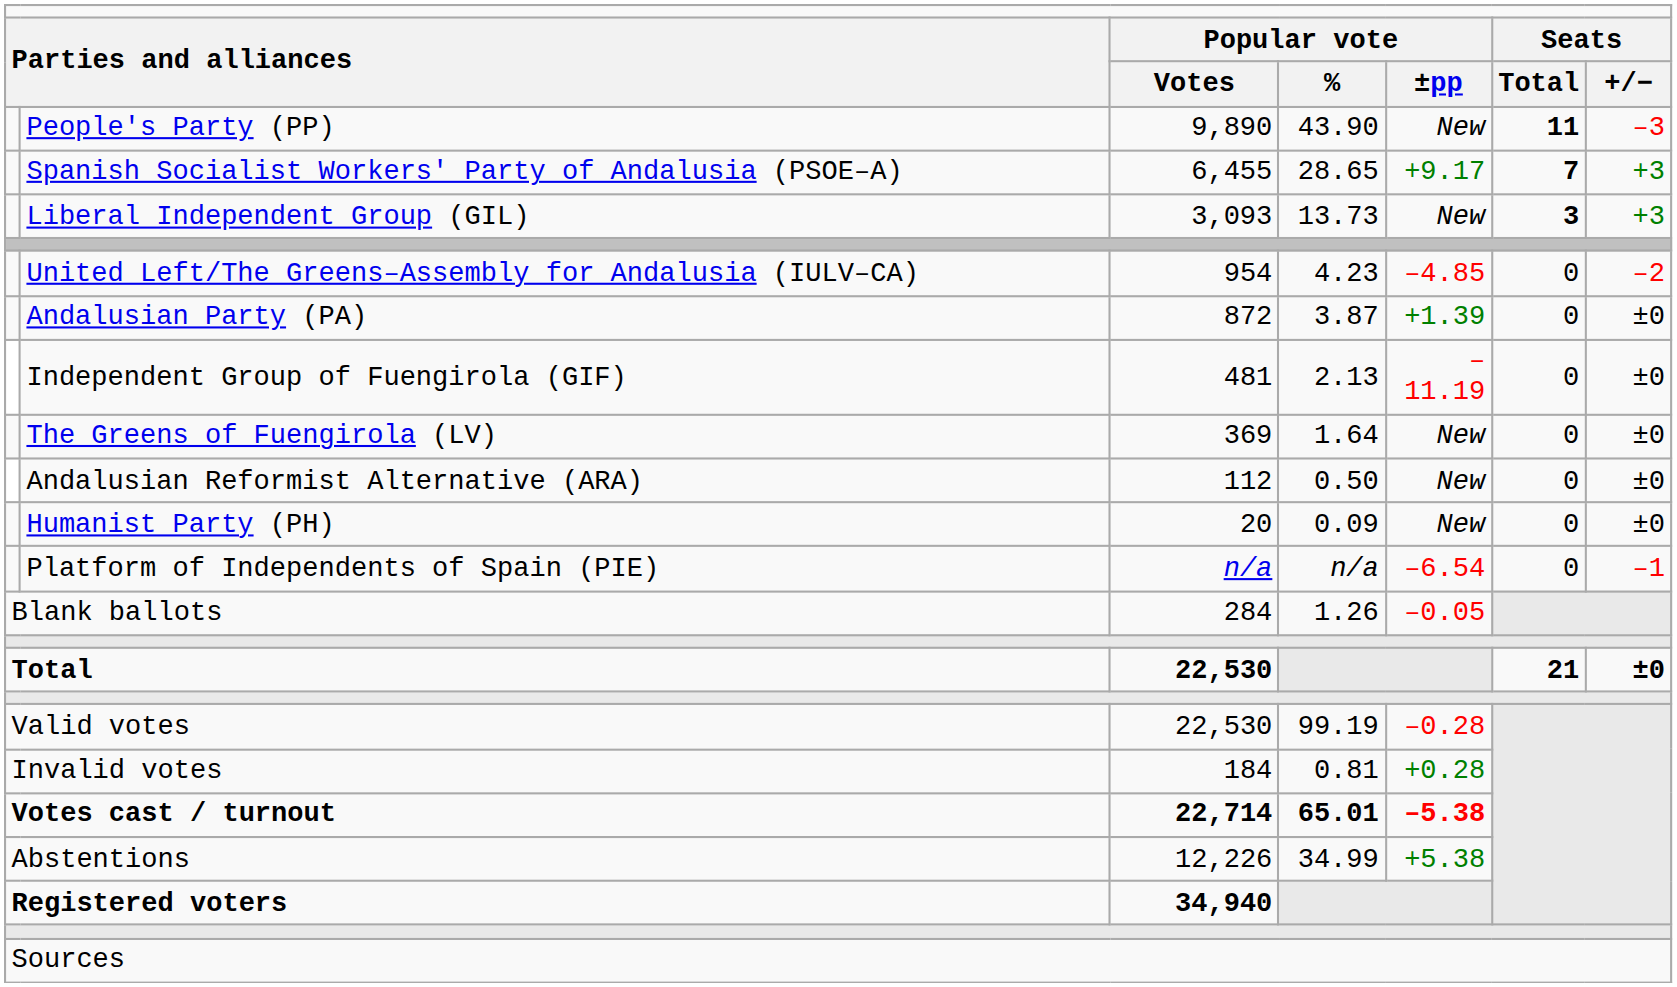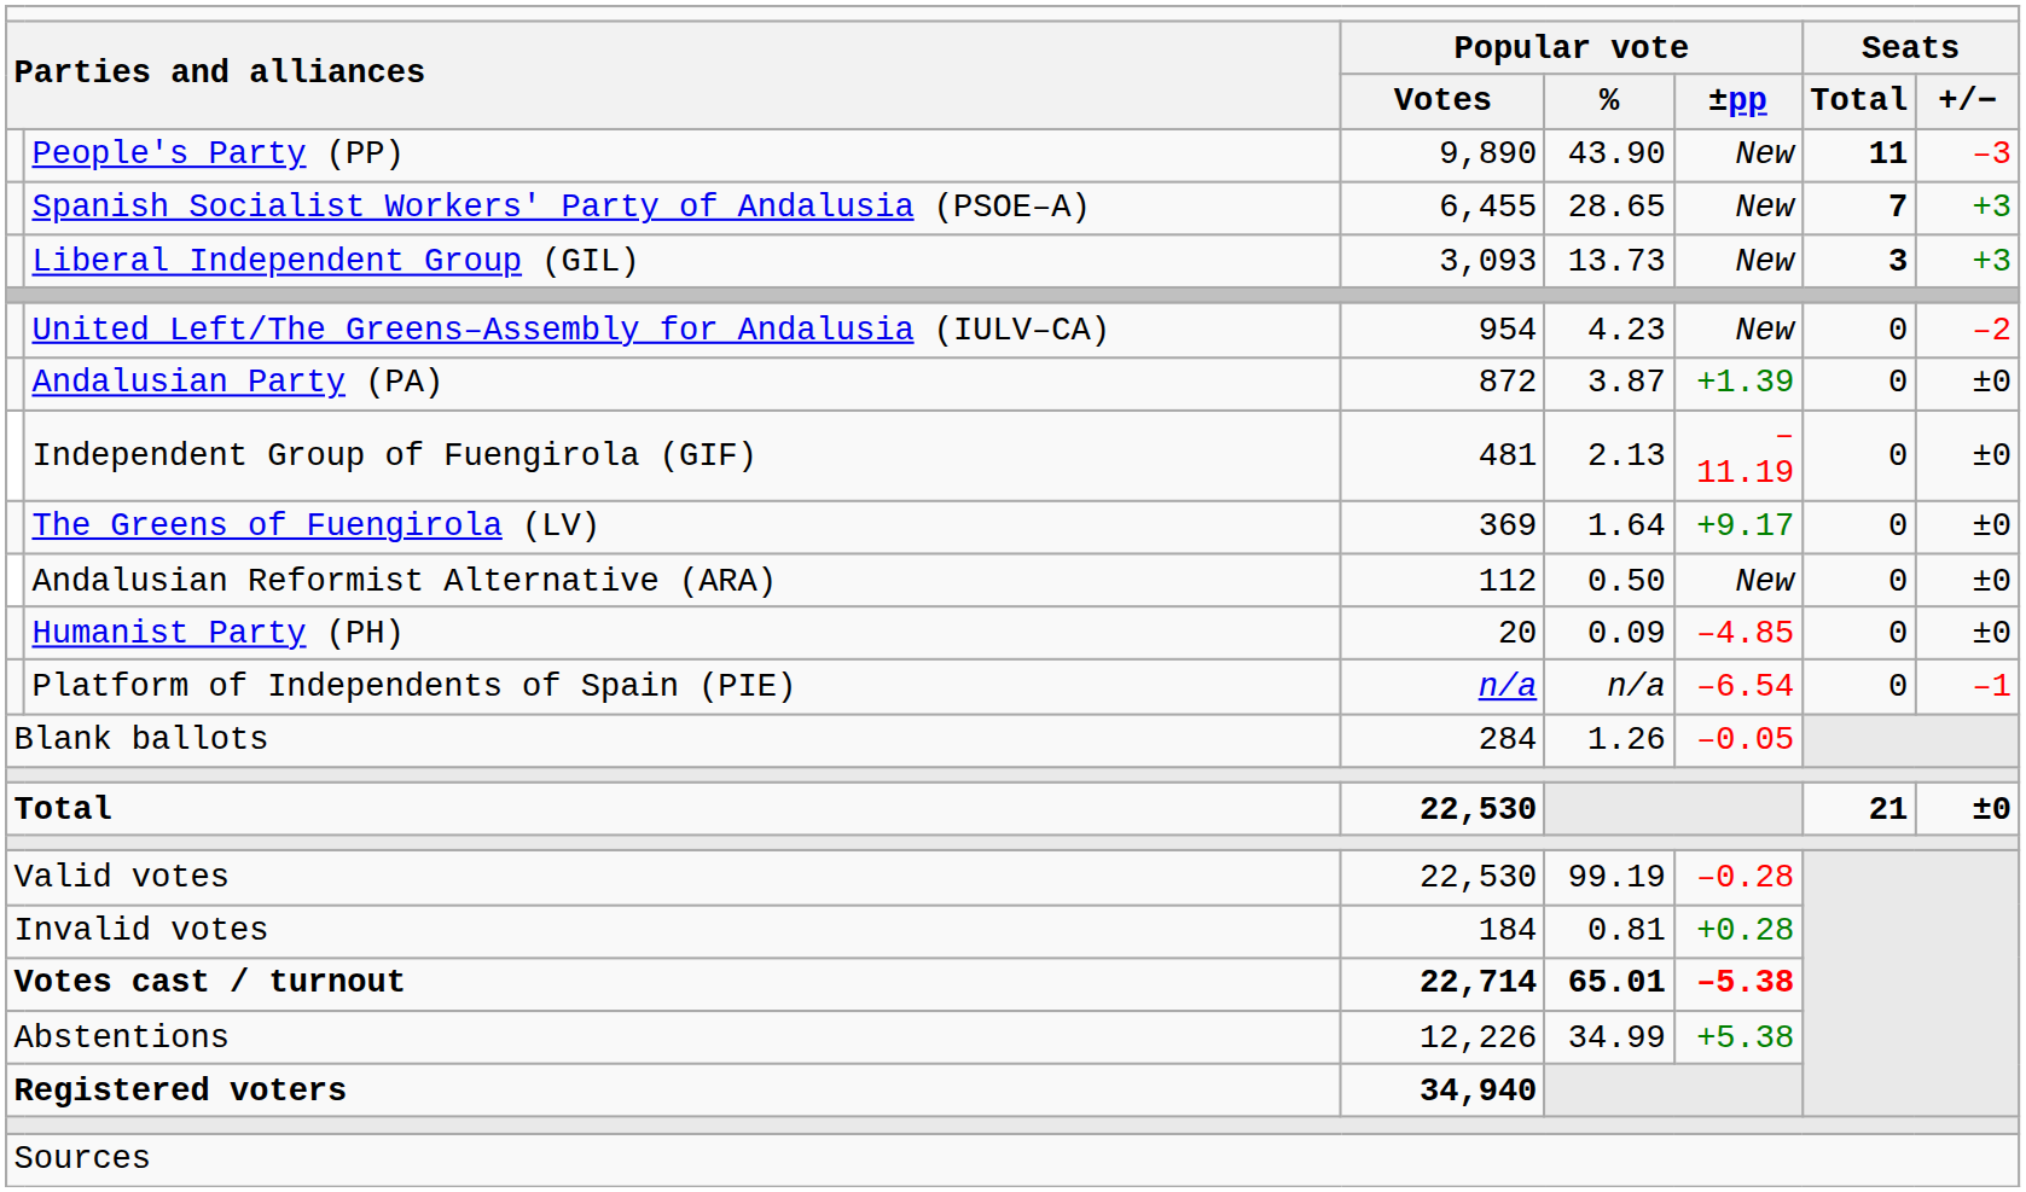 <table class="wikitable" style="text-align:right;">
 <tr>
 <td colspan="7"></td>
 </tr>
 <tr>
 <th style="text-align:left;" rowspan="2" colspan="2" width="525">Parties and alliances</th>
 <th colspan="3">Popular vote</th>
 <th colspan="2">Seats</th>
 </tr>
 <tr>
 <th width="75">Votes</th>
 <th width="45">%</th>
 <th width="45">±<a href='#'>pp</a></th>
 <th width="35">Total</th>
 <th width="35">+/−</th>
 </tr>
 <tr>
 <td width="1" style="color:inherit;background:"></td>
 <td align="left"><a href='#'>People's Party</a> (PP)</td>
 <td>9,890</td>
 <td>43.90</td>
 <td><em>New</em></td>
 <td><strong>11</strong></td>
 <td style="color:red;">–3</td>
 </tr>
 <tr>
 <td style="color:inherit;background:"></td>
 <td align="left"><a href='#'>Spanish Socialist Workers' Party of Andalusia</a> (PSOE–A)</td>
 <td>6,455</td>
 <td>28.65</td>
-<td style="color:green;">+9.17</td>
+<td><em>New</em></td>
 <td><strong>7</strong></td>
 <td style="color:green;">+3</td>
 </tr>
 <tr>
 <td style="color:inherit;background:"></td>
 <td align="left"><a href='#'>Liberal Independent Group</a> (GIL)</td>
 <td>3,093</td>
 <td>13.73</td>
 <td><em>New</em></td>
 <td><strong>3</strong></td>
 <td style="color:green;">+3</td>
 </tr>
 <tr>
 <td colspan="7" bgcolor="#C0C0C0"></td>
 </tr>
 <tr>
 <td style="color:inherit;background:"></td>
 <td align="left"><a href='#'>United Left/The Greens–Assembly for Andalusia</a> (IULV–CA)</td>
 <td>954</td>
 <td>4.23</td>
-<td style="color:red;">–4.85</td>
+<td><em>New</em></td>
 <td>0</td>
 <td style="color:red;">–2</td>
 </tr>
 <tr>
 <td style="color:inherit;background:"></td>
 <td align="left"><a href='#'>Andalusian Party</a> (PA)</td>
 <td>872</td>
 <td>3.87</td>
 <td style="color:green;">+1.39</td>
 <td>0</td>
 <td>±0</td>
 </tr>
 <tr>
 <td bgcolor="white"></td>
 <td align="left">Independent Group of Fuengirola (GIF)</td>
 <td>481</td>
 <td>2.13</td>
 <td style="color:red;">–11.19</td>
 <td>0</td>
 <td>±0</td>
 </tr>
 <tr>
 <td style="color:inherit;background:"></td>
 <td align="left"><a href='#'>The Greens of Fuengirola</a> (LV)</td>
 <td>369</td>
 <td>1.64</td>
-<td><em>New</em></td>
+<td style="color:green;">+9.17</td>
 <td>0</td>
 <td>±0</td>
 </tr>
 <tr>
 <td bgcolor="white"></td>
 <td align="left">Andalusian Reformist Alternative (ARA)</td>
 <td>112</td>
 <td>0.50</td>
 <td><em>New</em></td>
 <td>0</td>
 <td>±0</td>
 </tr>
 <tr>
 <td style="color:inherit;background:"></td>
 <td align="left"><a href='#'>Humanist Party</a> (PH)</td>
 <td>20</td>
 <td>0.09</td>
-<td><em>New</em></td>
+<td style="color:red;">–4.85</td>
 <td>0</td>
 <td>±0</td>
 </tr>
 <tr>
 <td style="color:inherit;background:"></td>
 <td align="left">Platform of Independents of Spain (PIE)</td>
 <td><em><a href='#'>n/a</a></em></td>
 <td><em>n/a</em></td>
 <td style="color:red;">–6.54</td>
 <td>0</td>
 <td style="color:red;">–1</td>
 </tr>
 <tr>
 <td align="left" colspan="2">Blank ballots</td>
 <td>284</td>
 <td>1.26</td>
 <td style="color:red;">–0.05</td>
 <td bgcolor="#E9E9E9" colspan="2"></td>
 </tr>
 <tr>
 <td colspan="7" bgcolor="#E9E9E9"></td>
 </tr>
 <tr style="font-weight:bold;">
 <td align="left" colspan="2">Total</td>
 <td>22,530</td>
 <td bgcolor="#E9E9E9" colspan="2"></td>
 <td>21</td>
 <td>±0</td>
 </tr>
 <tr>
 <td colspan="7" bgcolor="#E9E9E9"></td>
 </tr>
 <tr>
 <td align="left" colspan="2">Valid votes</td>
 <td>22,530</td>
 <td>99.19</td>
 <td style="color:red;">–0.28</td>
 <td bgcolor="#E9E9E9" colspan="2" rowspan="5"></td>
 </tr>
 <tr>
 <td align="left" colspan="2">Invalid votes</td>
 <td>184</td>
 <td>0.81</td>
 <td style="color:green;">+0.28</td>
 </tr>
 <tr style="font-weight:bold;">
 <td align="left" colspan="2">Votes cast / turnout</td>
 <td>22,714</td>
 <td>65.01</td>
 <td style="color:red;">–5.38</td>
 </tr>
 <tr>
 <td align="left" colspan="2">Abstentions</td>
 <td>12,226</td>
 <td>34.99</td>
 <td style="color:green;">+5.38</td>
 </tr>
 <tr style="font-weight:bold;">
 <td align="left" colspan="2">Registered voters</td>
 <td>34,940</td>
 <td bgcolor="#E9E9E9" colspan="2"></td>
 </tr>
 <tr>
 <td colspan="7" bgcolor="#E9E9E9"></td>
 </tr>
 <tr>
 <td align="left" colspan="7">Sources</td>
 </tr>
 </table>
